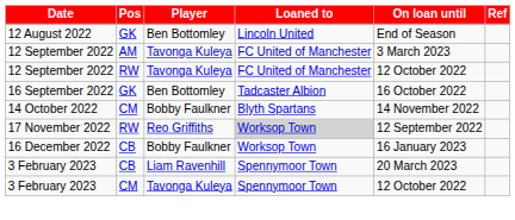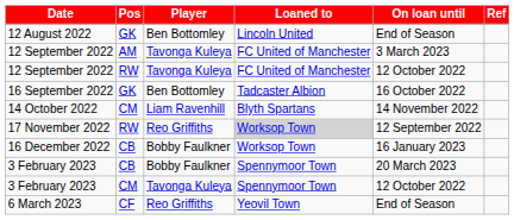 <table class="wikitable plainrowheaders sortable">
 <tr>
 <th style="background:#ff0000; color:#fff; ">Date</th>
 <th style="background:#ff0000; color:#fff; ">Pos</th>
 <th style="background:#ff0000; color:#fff; ">Player</th>
 <th style="background:#ff0000; color:#fff; ">Loaned to</th>
 <th style="background:#ff0000; color:#fff; ">On loan until</th>
 <th style="background:#ff0000; color:#fff; ">Ref</th>
 </tr>
 <tr>
 <td>12 August 2022</td>
 <td><a href='#'>GK</a></td>
 <td> Ben Bottomley</td>
 <td> <a href='#'>Lincoln United</a></td>
 <td>End of Season</td>
 <td></td>
 </tr>
 <tr>
 <td>12 September 2022</td>
 <td><a href='#'>AM</a></td>
 <td> <a href='#'>Tavonga Kuleya</a></td>
 <td> <a href='#'>FC United of Manchester</a></td>
 <td>3 March 2023</td>
 <td></td>
 </tr>
 <tr>
 <td>12 September 2022</td>
 <td><a href='#'>RW</a></td>
 <td> <a href='#'>Tavonga Kuleya</a></td>
 <td> <a href='#'>FC United of Manchester</a></td>
 <td>12 October 2022</td>
 <td></td>
 </tr>
 <tr>
 <td>16 September 2022</td>
 <td><a href='#'>GK</a></td>
 <td> Ben Bottomley</td>
 <td> <a href='#'>Tadcaster Albion</a></td>
 <td>16 October 2022</td>
 <td></td>
 </tr>
 <tr>
 <td>14 October 2022</td>
 <td><a href='#'>CM</a></td>
-<td> Bobby Faulkner</td>
+<td> <a href='#'>Liam Ravenhill</a></td>
 <td> <a href='#'>Blyth Spartans</a></td>
 <td>14 November 2022</td>
 <td></td>
 </tr>
 <tr>
 <td>17 November 2022</td>
 <td><a href='#'>RW</a></td>
 <td> <a href='#'>Reo Griffiths</a></td>
 <td style="background: lightgrey;"> <a href='#'>Worksop Town</a></td>
 <td>12 September 2022</td>
 <td></td>
 </tr>
 <tr>
 <td>16 December 2022</td>
 <td><a href='#'>CB</a></td>
 <td> Bobby Faulkner</td>
 <td> <a href='#'>Worksop Town</a></td>
 <td>16 January 2023</td>
 <td></td>
 </tr>
 <tr>
 <td>3 February 2023</td>
 <td><a href='#'>CB</a></td>
-<td> <a href='#'>Liam Ravenhill</a></td>
+<td> Bobby Faulkner</td>
 <td> <a href='#'>Spennymoor Town</a></td>
 <td>20 March 2023</td>
 <td></td>
 </tr>
 <tr>
 <td>3 February 2023</td>
 <td><a href='#'>CM</a></td>
 <td> <a href='#'>Tavonga Kuleya</a></td>
 <td> <a href='#'>Spennymoor Town</a></td>
 <td>12 October 2022</td>
 <td></td>
 </tr>
+<tr>
+<td>6 March 2023</td>
+<td><a href='#'>CF</a></td>
+<td> <a href='#'>Reo Griffiths</a></td>
+<td> <a href='#'>Yeovil Town</a></td>
+<td>End of Season</td>
+<td></td>
+</tr>
 </table>
